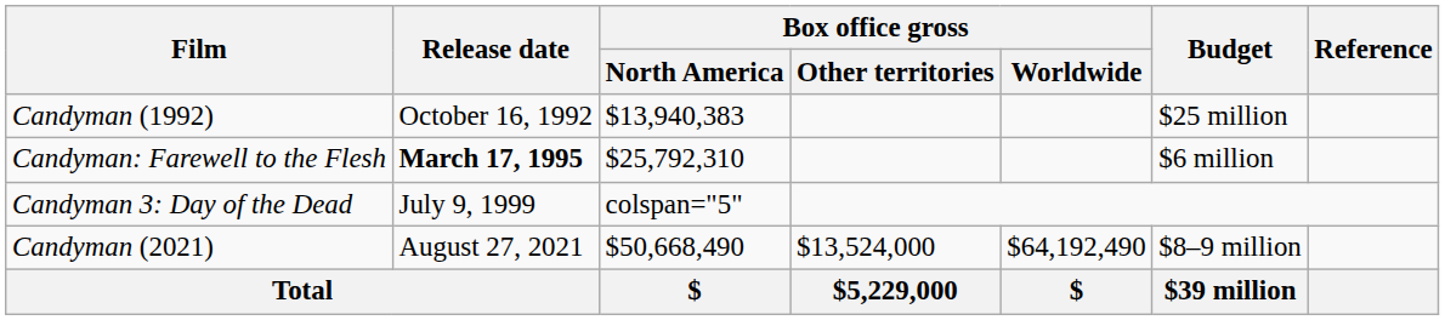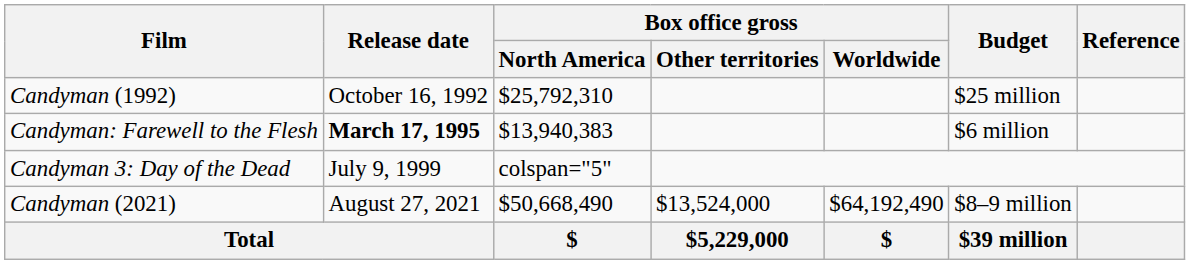 <table class="wikitable" text-align:center;">
 <tr>
 <th rowspan="2">Film</th>
 <th rowspan="2">Release date</th>
 <th colspan="3">Box office gross</th>
 <th rowspan="2">Budget</th>
 <th rowspan="2">Reference</th>
 </tr>
 <tr>
 <th>North America</th>
 <th>Other territories</th>
 <th>Worldwide</th>
 </tr>
 <tr>
 <td><em>Candyman</em> (1992)</td>
 <td>October 16, 1992</td>
-<td>$13,940,383</td>
+<td>$25,792,310</td>
 <td></td>
 <td></td>
 <td>$25 million</td>
 <td></td>
 </tr>
 <tr>
 <td><em>Candyman: Farewell to the Flesh</em></td>
 <td><strong>March 17, 1995</strong></td>
-<td>$25,792,310</td>
+<td>$13,940,383</td>
 <td></td>
 <td></td>
 <td>$6 million</td>
 <td></td>
 </tr>
 <tr>
 <td><em>Candyman 3: Day of the Dead</em></td>
 <td>July 9, 1999</td>
 <td>colspan="5" </td>
 </tr>
 <tr>
 <td><em>Candyman</em> (2021)</td>
 <td>August 27, 2021</td>
 <td>$50,668,490</td>
 <td>$13,524,000</td>
 <td>$64,192,490</td>
 <td>$8–9 million</td>
 <td></td>
 </tr>
 <tr>
 <th colspan="2">Total</th>
 <th>$</th>
 <th>$5,229,000</th>
 <th>$</th>
 <th>$39 million</th>
 <th></th>
 </tr>
 </table>
